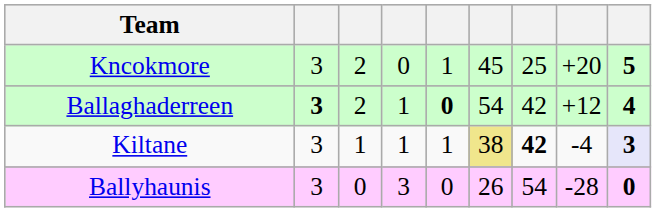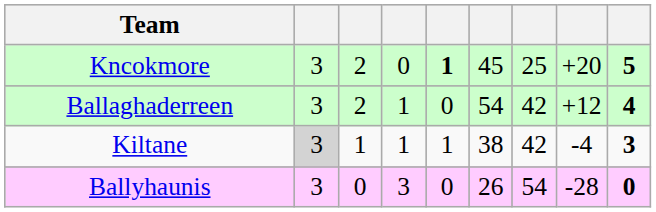 <table class="wikitable" style="text-align:center">
 <tr>
 <th style="width:175px;">Team</th>
 <th width="20"></th>
 <th width="20"></th>
 <th width="20"></th>
 <th width="20"></th>
 <th width="20"></th>
 <th width="20"></th>
 <th width="20"></th>
 <th width="20"></th>
 </tr>
 <tr style="background:#cfc;">
 <td><a href='#'>Kncokmore</a></td>
 <td>3</td>
 <td>2</td>
 <td>0</td>
-<td>1</td>
+<td><strong>1</strong></td>
 <td>45</td>
 <td>25</td>
 <td>+20</td>
 <td><strong>5</strong></td>
 </tr>
 <tr style="background:#cfc;">
 <td><a href='#'>Ballaghaderreen</a></td>
-<td><strong>3</strong></td>
+<td>3</td>
 <td>2</td>
 <td>1</td>
-<td><strong>0</strong></td>
+<td>0</td>
 <td>54</td>
 <td>42</td>
 <td>+12</td>
 <td><strong>4</strong></td>
 </tr>
 <tr>
 <td><a href='#'>Kiltane</a></td>
-<td>3</td>
+<td style="background: lightgrey;">3</td>
 <td>1</td>
 <td>1</td>
 <td>1</td>
-<td style="background: khaki;">38</td>
-<td><strong>42</strong></td>
+<td>38</td>
+<td>42</td>
 <td>-4</td>
-<td style="background: lavender;"><strong>3</strong></td>
+<td><strong>3</strong></td>
 </tr>
 <tr style="background:#fcf;">
 <td><a href='#'>Ballyhaunis</a></td>
 <td>3</td>
 <td>0</td>
 <td>3</td>
 <td>0</td>
 <td>26</td>
 <td>54</td>
 <td>-28</td>
 <td><strong>0</strong></td>
 </tr>
 </table>
